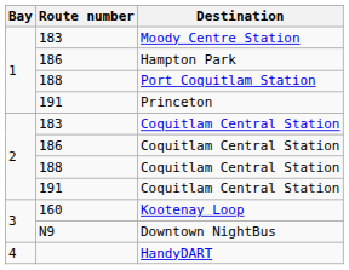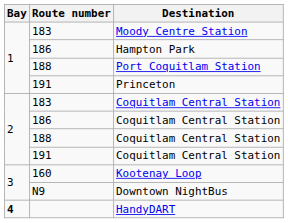 <table class="wikitable">
 <tr>
 <th>Bay</th>
 <th>Route number</th>
 <th>Destination</th>
 </tr>
 <tr>
 <td rowspan="4">1</td>
 <td>183</td>
 <td><a href='#'>Moody Centre Station</a></td>
 </tr>
 <tr>
 <td>186</td>
 <td>Hampton Park</td>
 </tr>
 <tr>
 <td>188</td>
 <td><a href='#'>Port Coquitlam Station</a></td>
 </tr>
 <tr>
 <td>191</td>
 <td>Princeton</td>
 </tr>
 <tr>
 <td rowspan="4">2</td>
 <td>183</td>
 <td><a href='#'>Coquitlam Central Station</a></td>
 </tr>
 <tr>
 <td>186</td>
 <td>Coquitlam Central Station</td>
 </tr>
 <tr>
 <td>188</td>
 <td>Coquitlam Central Station</td>
 </tr>
 <tr>
 <td>191</td>
 <td>Coquitlam Central Station</td>
 </tr>
 <tr>
 <td rowspan="2">3</td>
 <td>160</td>
 <td><a href='#'>Kootenay Loop</a></td>
 </tr>
 <tr>
 <td>N9</td>
 <td>Downtown NightBus</td>
 </tr>
 <tr>
-<td>4</td>
+<td><strong>4</strong></td>
 <td></td>
 <td><a href='#'>HandyDART</a></td>
 </tr>
 </table>
